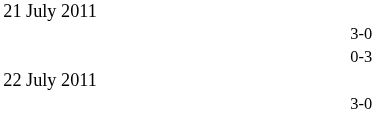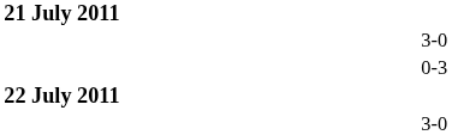 <table style="width:50%;" cellspacing="1">
 <tr>
 <th width=15%></th>
 <th width=10%></th>
 <th width=15%></th>
 </tr>
 <tr>
-<td>21 July 2011</td>
+<td><strong>21 July 2011</strong></td>
 </tr>
 <tr style=font-size:90%>
 <td align=right></td>
 <td align=center>3-0</td>
 <td></td>
 </tr>
 <tr style=font-size:90%>
 <td align=right></td>
 <td align=center>0-3</td>
 <td></td>
 </tr>
 <tr>
-<td>22 July 2011</td>
+<td><strong>22 July 2011</strong></td>
 </tr>
 <tr style=font-size:90%>
 <td align=right></td>
 <td align=center>3-0</td>
 <td></td>
 </tr>
 </table>
